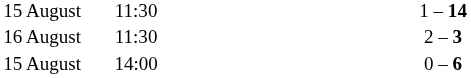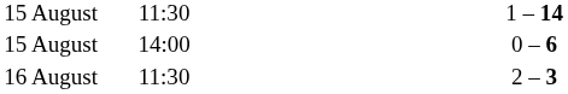 <table cellspacing="2">
 <tr align="center">
 <td>15 August</td>
 <td>11:30</td>
 <td align="right"></td>
 <td>1 – <strong>14</strong></td>
 <td align="left"></td>
 </tr>
 <tr align="center">
+<td width="100">15 August</td>
+<td width="50">14:00</td>
+<td width="200" align="right"></td>
+<td width="50">0 – <strong>6</strong></td>
+<td width="200" align="left"><strong></strong></td>
+</tr>
+<tr align="center">
 <td>16 August</td>
 <td>11:30</td>
 <td align="right"></td>
 <td>2 – <strong>3</strong></td>
 <td align="left"><strong></strong></td>
 </tr>
-<tr align="center">
-<td width="100">15 August</td>
-<td width="50">14:00</td>
-<td width="200" align="right"></td>
-<td width="50">0 – <strong>6</strong></td>
-<td width="200" align="left"><strong></strong></td>
-</tr>
 </table>
